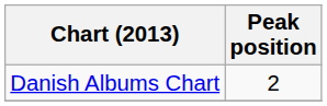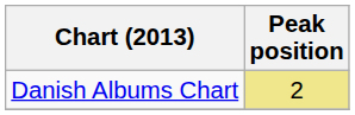 <table class="wikitable">
 <tr>
 <th>Chart (2013)</th>
 <th>Peak<br>position</th>
 </tr>
 <tr>
 <td><a href='#'>Danish Albums Chart</a></td>
-<td align="center">2</td>
+<td align="center" style="background: khaki;">2</td>
 </tr>
 <tr>
 </tr>
 </table>
